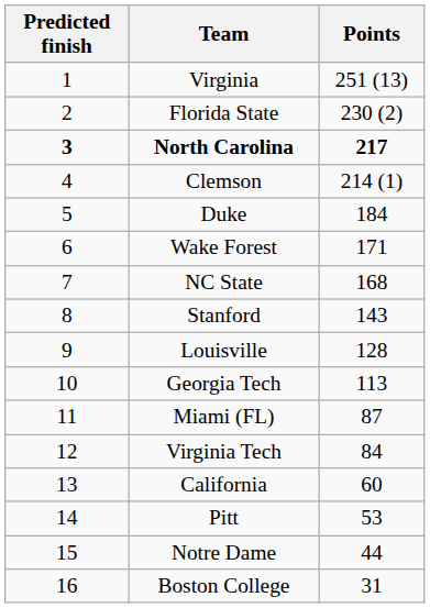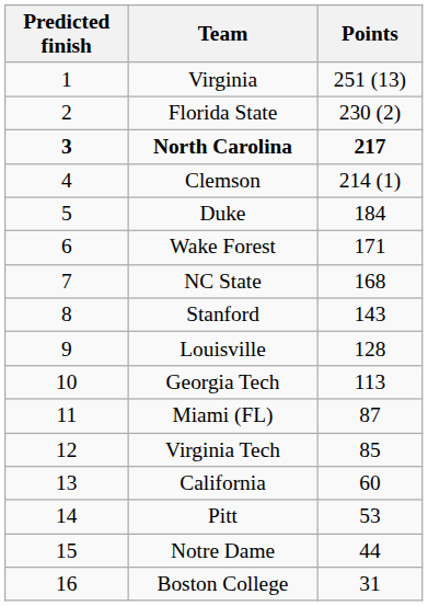 <table class="wikitable" style="width: 25%;text-align: center;">
 <tr align="center">
 <th style=>Predicted<br>finish</th>
 <th style=>Team</th>
 <th style=>Points</th>
 </tr>
 <tr align="center">
 <td>1</td>
 <td>Virginia</td>
 <td>251 (13)</td>
 </tr>
 <tr align="center">
 <td>2</td>
 <td>Florida State</td>
 <td>230 (2)</td>
 </tr>
 <tr align="center">
 <td><strong>3</strong></td>
 <td><strong>North Carolina</strong></td>
 <td><strong>217</strong></td>
 </tr>
 <tr align="center">
 <td>4</td>
 <td>Clemson</td>
 <td>214 (1)</td>
 </tr>
 <tr align="center">
 <td>5</td>
 <td>Duke</td>
 <td>184</td>
 </tr>
 <tr align="center">
 <td>6</td>
 <td>Wake Forest</td>
 <td>171</td>
 </tr>
 <tr align="center">
 <td>7</td>
 <td>NC State</td>
 <td>168</td>
 </tr>
 <tr align="center">
 <td>8</td>
 <td>Stanford</td>
 <td>143</td>
 </tr>
 <tr align="center">
 <td>9</td>
 <td>Louisville</td>
 <td>128</td>
 </tr>
 <tr align="center">
 <td>10</td>
 <td>Georgia Tech</td>
 <td>113</td>
 </tr>
 <tr align="center">
 <td>11</td>
 <td>Miami (FL)</td>
 <td>87</td>
 </tr>
 <tr align="center">
 <td>12</td>
 <td>Virginia Tech</td>
-<td>84</td>
+<td>85</td>
 </tr>
 <tr align="center">
 <td>13</td>
 <td>California</td>
 <td>60</td>
 </tr>
 <tr align="center">
 <td>14</td>
 <td>Pitt</td>
 <td>53</td>
 </tr>
 <tr align="center">
 <td>15</td>
 <td>Notre Dame</td>
 <td>44</td>
 </tr>
 <tr align="center">
 <td>16</td>
 <td>Boston College</td>
 <td>31</td>
 </tr>
 </table>
